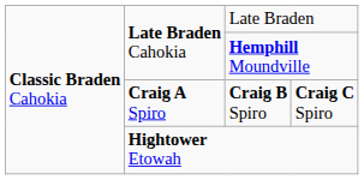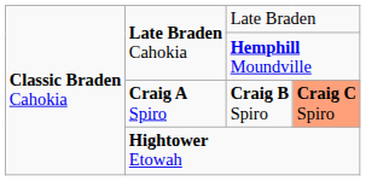 <table class=wikitable>
 <tr>
 <td rowspan=6><strong>Classic Braden</strong> <br> <a href='#'>Cahokia</a></td>
 <td rowspan=2><strong>Late Braden</strong> <br> Cahokia</td>
 <td rowspan=1 colspan=2>Late Braden</td>
 </tr>
 <tr>
 <td colspan=2><strong><a href='#'>Hemphill</a></strong><br><a href='#'>Moundville</a></td>
 </tr>
 <tr>
 <td rowspan=1><strong>Craig A</strong><br><a href='#'>Spiro</a></td>
 <td><strong>Craig B</strong><br>Spiro</td>
-<td><strong>Craig C</strong><br>Spiro</td>
+<td style="background: lightsalmon;"><strong>Craig C</strong><br>Spiro</td>
 </tr>
 <tr>
 <td colspan=3><strong>Hightower</strong><br><a href='#'>Etowah</a></td>
 </tr>
 </table>
